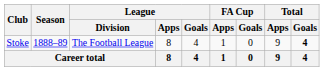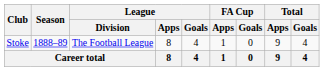 <table class="wikitable" style="text-align: center;">
 <tr>
 <th rowspan="2">Club</th>
 <th rowspan="2">Season</th>
 <th colspan="3">League</th>
 <th colspan="2">FA Cup</th>
 <th colspan="2">Total</th>
 </tr>
 <tr>
 <th>Division</th>
 <th>Apps</th>
 <th>Goals</th>
 <th>Apps</th>
 <th>Goals</th>
 <th>Apps</th>
 <th>Goals</th>
 </tr>
 <tr>
 <td><a href='#'>Stoke</a></td>
 <td><a href='#'>1888–89</a></td>
 <td><a href='#'>The Football League</a></td>
 <td>8</td>
 <td>4</td>
 <td>1</td>
 <td>0</td>
 <td>9</td>
-<td><strong>4</strong></td>
+<td>4</td>
 </tr>
 <tr>
 <th colspan=3>Career total</th>
 <th>8</th>
 <th>4</th>
 <th>1</th>
 <th>0</th>
 <th>9</th>
 <th>4</th>
 </tr>
 </table>
